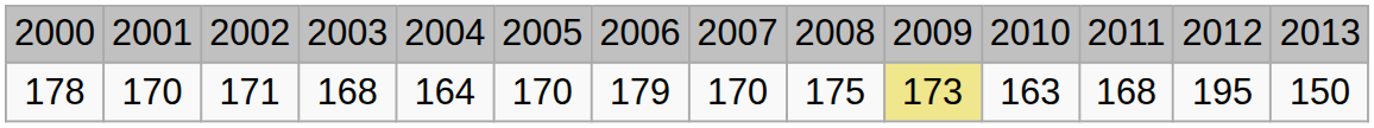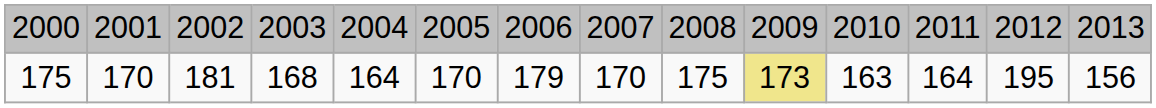 <table class="wikitable">
 <tr bgcolor="#C0C0C0">
 <td align="center">2000</td>
 <td align="center">2001</td>
 <td align="center">2002</td>
 <td align="center">2003</td>
 <td align="center">2004</td>
 <td align="center">2005</td>
 <td align="center">2006</td>
 <td align="center">2007</td>
 <td align="center">2008</td>
 <td align="center">2009</td>
 <td align="center">2010</td>
 <td align="center">2011</td>
 <td align="center">2012</td>
 <td align="center">2013</td>
 </tr>
 <tr>
-<td align="center">178</td>
+<td align="center">175</td>
 <td align="center">170</td>
-<td align="center">171</td>
+<td align="center">181</td>
 <td align="center">168</td>
 <td align="center">164</td>
 <td align="center">170</td>
 <td align="center">179</td>
 <td align="center">170</td>
 <td align="center">175</td>
 <td align="center" style="background: khaki;">173</td>
 <td align="center">163</td>
-<td align="center">168</td>
+<td align="center">164</td>
 <td align="center">195</td>
-<td align="center">150</td>
+<td align="center">156</td>
 </tr>
 </table>
